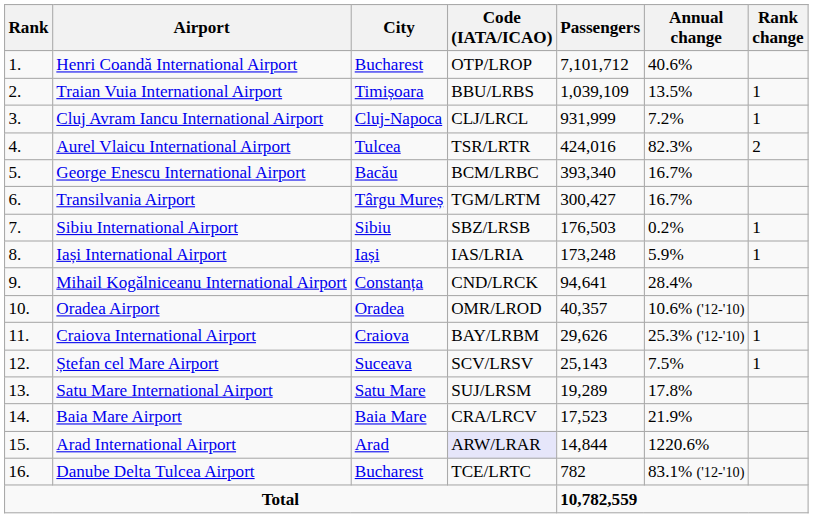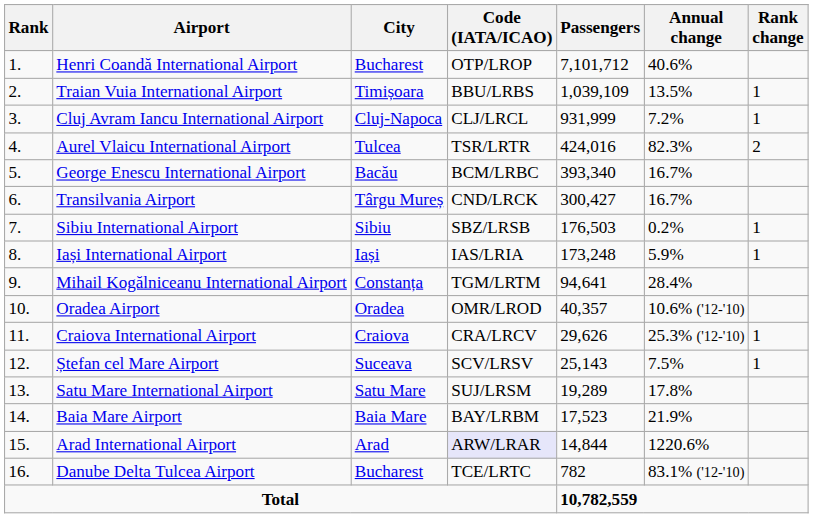 <table class="wikitable sortable">
 <tr>
 <th>Rank</th>
 <th>Airport</th>
 <th>City</th>
 <th>Code<br>(IATA/ICAO)</th>
 <th>Passengers</th>
 <th>Annual<br>change</th>
 <th>Rank<br>change</th>
 </tr>
 <tr>
 <td>1.</td>
 <td><a href='#'>Henri Coandă International Airport</a></td>
 <td><a href='#'>Bucharest</a></td>
 <td>OTP/LROP</td>
 <td>7,101,712</td>
 <td> 40.6%</td>
 <td></td>
 </tr>
 <tr>
 <td>2.</td>
 <td><a href='#'>Traian Vuia International Airport</a></td>
 <td><a href='#'>Timișoara</a></td>
 <td>BBU/LRBS</td>
 <td>1,039,109</td>
 <td> 13.5%</td>
 <td>1</td>
 </tr>
 <tr>
 <td>3.</td>
 <td><a href='#'>Cluj Avram Iancu International Airport</a></td>
 <td><a href='#'>Cluj-Napoca</a></td>
 <td>CLJ/LRCL</td>
 <td>931,999</td>
 <td> 7.2%</td>
 <td>1</td>
 </tr>
 <tr>
 <td>4.</td>
 <td><a href='#'>Aurel Vlaicu International Airport</a></td>
 <td><a href='#'>Tulcea</a></td>
 <td>TSR/LRTR</td>
 <td>424,016</td>
 <td> 82.3%</td>
 <td>2</td>
 </tr>
 <tr>
 <td>5.</td>
 <td><a href='#'>George Enescu International Airport</a></td>
 <td><a href='#'>Bacău</a></td>
 <td>BCM/LRBC</td>
 <td>393,340</td>
 <td> 16.7%</td>
 <td></td>
 </tr>
 <tr>
 <td>6.</td>
 <td><a href='#'>Transilvania Airport</a></td>
 <td><a href='#'>Târgu Mureș</a></td>
-<td>TGM/LRTM</td>
+<td>CND/LRCK</td>
 <td>300,427</td>
 <td> 16.7%</td>
 <td></td>
 </tr>
 <tr>
 <td>7.</td>
 <td><a href='#'>Sibiu International Airport</a></td>
 <td><a href='#'>Sibiu</a></td>
 <td>SBZ/LRSB</td>
 <td>176,503</td>
 <td> 0.2%</td>
 <td>1</td>
 </tr>
 <tr>
 <td>8.</td>
 <td><a href='#'>Iași International Airport</a></td>
 <td><a href='#'>Iași</a></td>
 <td>IAS/LRIA</td>
 <td>173,248</td>
 <td> 5.9%</td>
 <td>1</td>
 </tr>
 <tr>
 <td>9.</td>
 <td><a href='#'>Mihail Kogălniceanu International Airport</a></td>
 <td><a href='#'>Constanța</a></td>
-<td>CND/LRCK</td>
+<td>TGM/LRTM</td>
 <td>94,641</td>
 <td> 28.4%</td>
 <td></td>
 </tr>
 <tr>
 <td>10.</td>
 <td><a href='#'>Oradea Airport</a></td>
 <td><a href='#'>Oradea</a></td>
 <td>OMR/LROD</td>
 <td>40,357</td>
 <td> 10.6% <small>('12-'10)</small></td>
 <td></td>
 </tr>
 <tr>
 <td>11.</td>
 <td><a href='#'>Craiova International Airport</a></td>
 <td><a href='#'>Craiova</a></td>
-<td>BAY/LRBM</td>
+<td>CRA/LRCV</td>
 <td>29,626</td>
 <td> 25.3% <small>('12-'10)</small></td>
 <td>1</td>
 </tr>
 <tr>
 <td>12.</td>
 <td><a href='#'>Ștefan cel Mare Airport</a></td>
 <td><a href='#'>Suceava</a></td>
 <td>SCV/LRSV</td>
 <td>25,143</td>
 <td> 7.5%</td>
 <td>1</td>
 </tr>
 <tr>
 <td>13.</td>
 <td><a href='#'>Satu Mare International Airport</a></td>
 <td><a href='#'>Satu Mare</a></td>
 <td>SUJ/LRSM</td>
 <td>19,289</td>
 <td> 17.8%</td>
 <td></td>
 </tr>
 <tr>
 <td>14.</td>
 <td><a href='#'>Baia Mare Airport</a></td>
 <td><a href='#'>Baia Mare</a></td>
-<td>CRA/LRCV</td>
+<td>BAY/LRBM</td>
 <td>17,523</td>
 <td> 21.9%</td>
 <td></td>
 </tr>
 <tr>
 <td>15.</td>
 <td><a href='#'>Arad International Airport</a></td>
 <td><a href='#'>Arad</a></td>
 <td style="background: lavender;">ARW/LRAR</td>
 <td>14,844</td>
 <td> 1220.6%</td>
 <td></td>
 </tr>
 <tr>
 <td>16.</td>
 <td><a href='#'>Danube Delta Tulcea Airport</a></td>
 <td><a href='#'>Bucharest</a></td>
 <td>TCE/LRTC</td>
 <td>782</td>
 <td> 83.1% <small>('12-'10)</small></td>
 <td></td>
 </tr>
 <tr>
 <td colspan=4 style="text-align:center"><strong>Total</strong></td>
 <td colspan=3><strong>10,782,559</strong></td>
 </tr>
 </table>
